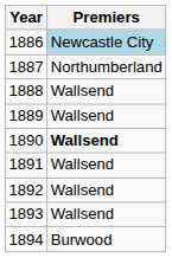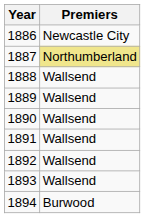 <table class="wikitable">
 <tr>
 <th>Year</th>
 <th>Premiers</th>
 </tr>
 <tr>
 <td>1886</td>
-<td style="background: lightblue;">Newcastle City</td>
+<td>Newcastle City</td>
 </tr>
 <tr>
 <td>1887</td>
-<td>Northumberland</td>
+<td style="background: khaki;">Northumberland</td>
 </tr>
 <tr>
 <td>1888</td>
 <td>Wallsend</td>
 </tr>
 <tr>
 <td>1889</td>
 <td>Wallsend</td>
 </tr>
 <tr>
 <td>1890</td>
-<td><strong>Wallsend</strong></td>
+<td>Wallsend</td>
 </tr>
 <tr>
 <td>1891</td>
 <td>Wallsend</td>
 </tr>
 <tr>
 <td>1892</td>
 <td>Wallsend</td>
 </tr>
 <tr>
 <td>1893</td>
 <td>Wallsend</td>
 </tr>
 <tr>
 <td>1894</td>
 <td>Burwood</td>
 </tr>
 </table>
